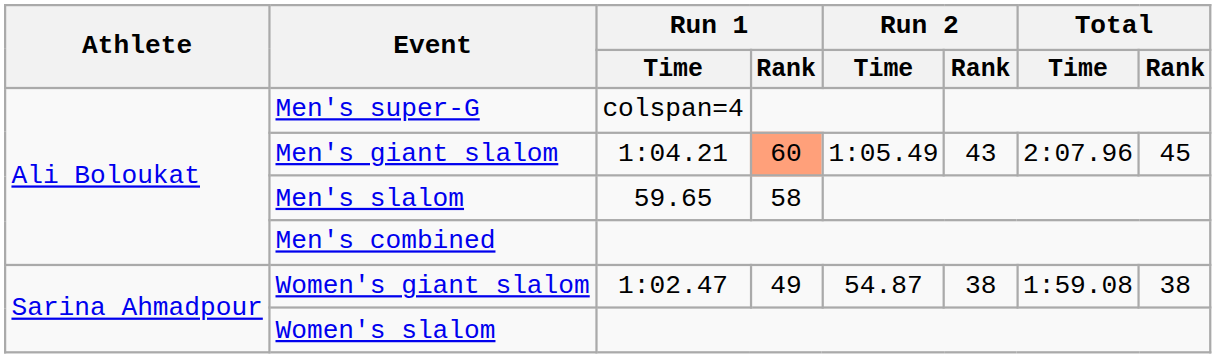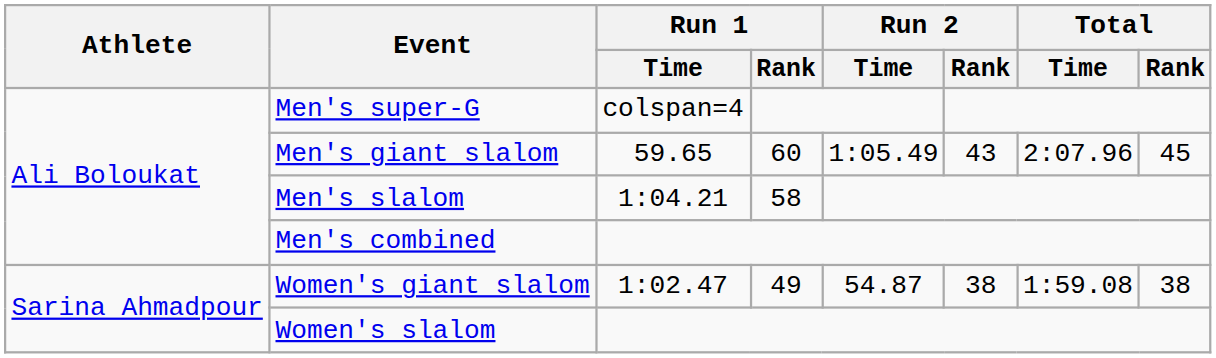 <table class="wikitable" style="font-size:90%">
 <tr>
 <th rowspan=2>Athlete</th>
 <th rowspan=2>Event</th>
 <th colspan=2>Run 1</th>
 <th colspan=2>Run 2</th>
 <th colspan=2>Total</th>
 </tr>
 <tr style="font-size:95%">
 <th>Time</th>
 <th>Rank</th>
 <th>Time</th>
 <th>Rank</th>
 <th>Time</th>
 <th>Rank</th>
 </tr>
 <tr align=center>
 <td align="left" rowspan="4"><a href='#'>Ali Boloukat</a></td>
 <td align="left"><a href='#'>Men's super-G</a></td>
 <td>colspan=4</td>
 <td colspan=2></td>
 </tr>
 <tr align=center>
 <td align="left"><a href='#'>Men's giant slalom</a></td>
-<td>1:04.21</td>
-<td style="background: lightsalmon;">60</td>
+<td>59.65</td>
+<td>60</td>
 <td>1:05.49</td>
 <td>43</td>
 <td>2:07.96</td>
 <td>45</td>
 </tr>
 <tr align=center>
 <td align="left"><a href='#'>Men's slalom</a></td>
-<td>59.65</td>
+<td>1:04.21</td>
 <td>58</td>
 <td colspan=4></td>
 </tr>
 <tr align=center>
 <td align="left"><a href='#'>Men's combined</a></td>
 <td colspan=6></td>
 </tr>
 <tr align=center>
 <td align="left" rowspan="2"><a href='#'>Sarina Ahmadpour</a></td>
 <td align="left"><a href='#'>Women's giant slalom</a></td>
 <td>1:02.47</td>
 <td>49</td>
 <td>54.87</td>
 <td>38</td>
 <td>1:59.08</td>
 <td>38</td>
 </tr>
 <tr align=center>
 <td align="left"><a href='#'>Women's slalom</a></td>
 <td colspan=6></td>
 </tr>
 </table>
